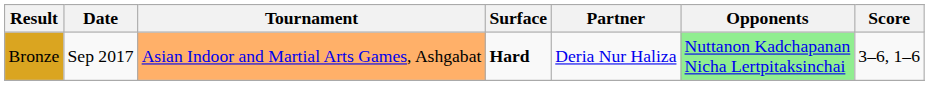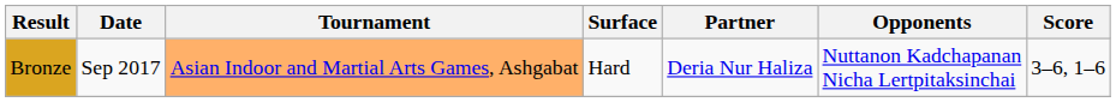 <table class="sortable wikitable">
 <tr>
 <th>Result</th>
 <th>Date</th>
 <th>Tournament</th>
 <th>Surface</th>
 <th>Partner</th>
 <th>Opponents</th>
 <th class="unsortable">Score</th>
 </tr>
 <tr>
 <td style="background:#DAA520">Bronze</td>
 <td>Sep 2017</td>
 <td style="background:#FFB069"><a href='#'>Asian Indoor and Martial Arts Games</a>, Ashgabat</td>
-<td><strong>Hard</strong></td>
+<td>Hard</td>
 <td> <a href='#'>Deria Nur Haliza</a></td>
-<td style="background: lightgreen;"> <a href='#'>Nuttanon Kadchapanan</a> <br>  <a href='#'>Nicha Lertpitaksinchai</a></td>
+<td> <a href='#'>Nuttanon Kadchapanan</a> <br>  <a href='#'>Nicha Lertpitaksinchai</a></td>
 <td>3–6, 1–6</td>
 </tr>
 <tr>
 </tr>
 </table>
